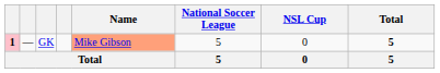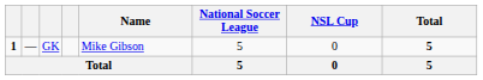 <table class="wikitable" style="text-align:center">
 <tr>
 <th width=15></th>
 <th width=15></th>
 <th width=15></th>
 <th width=15></th>
 <th width=145>Name</th>
 <th width=120><a href='#'>National Soccer League</a></th>
 <th width=120><a href='#'>NSL Cup</a></th>
 <th width=120>Total</th>
 </tr>
 <tr>
-<td style="background: pink;"><strong>1</strong></td>
+<td><strong>1</strong></td>
 <td>—</td>
 <td><a href='#'>GK</a></td>
 <td></td>
-<td align=left style="background: lightsalmon;"><a href='#'>Mike Gibson</a></td>
+<td align=left><a href='#'>Mike Gibson</a></td>
 <td>5</td>
 <td>0</td>
 <td><strong>5</strong></td>
 </tr>
 <tr>
 <th colspan="5"><strong>Total</strong></th>
 <th>5</th>
 <th>0</th>
 <th>5</th>
 </tr>
 </table>
